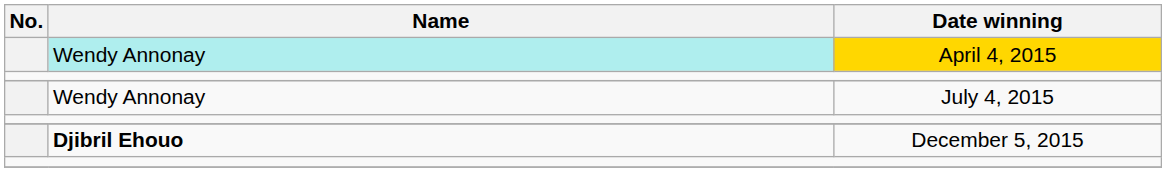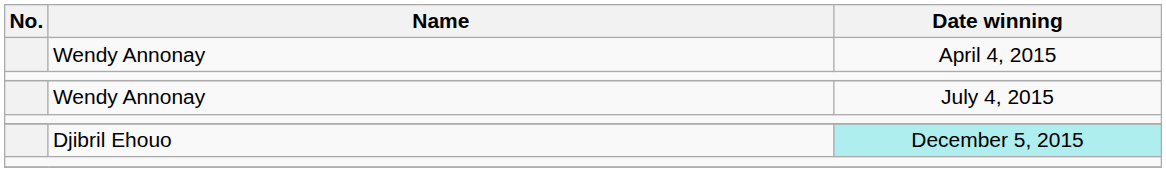 <table class="wikitable" width=100%>
 <tr>
 <th style="width:1%;">No.</th>
 <th style="width:70%;">Name</th>
 <th style="width:29%;">Date winning</th>
 </tr>
 <tr align=center>
 <th></th>
-<td align=left style="background: paleturquoise;"> Wendy Annonay</td>
-<td style="background: gold;">April 4, 2015</td>
+<td align=left> Wendy Annonay</td>
+<td>April 4, 2015</td>
 </tr>
 <tr>
 <td colspan="6"></td>
 </tr>
 <tr>
 </tr>
 <tr align=center>
 <th></th>
 <td align=left> Wendy Annonay</td>
 <td>July 4, 2015</td>
 </tr>
 <tr>
 <td colspan="6"></td>
 </tr>
 <tr>
 </tr>
 <tr align=center>
 <th></th>
-<td align=left><strong> Djibril Ehouo</strong></td>
-<td>December 5, 2015</td>
+<td align=left> Djibril Ehouo</td>
+<td style="background: paleturquoise;">December 5, 2015</td>
 </tr>
 <tr>
 <td colspan="6"></td>
 </tr>
 <tr>
 </tr>
 </table>
